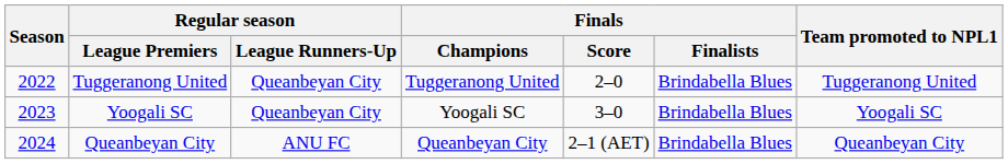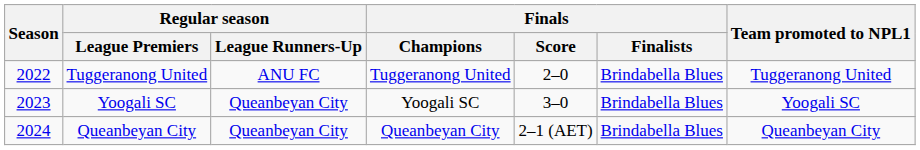 <table class="wikitable" style="text-align:center; font-size:95%">
 <tr>
 <th rowspan=2>Season</th>
 <th colspan=2>Regular season</th>
 <th colspan=3>Finals</th>
 <th rowspan=2>Team promoted to NPL1</th>
 </tr>
 <tr>
 <th>League Premiers</th>
 <th>League Runners-Up</th>
 <th>Champions</th>
 <th>Score</th>
 <th>Finalists</th>
 </tr>
 <tr>
 <td><a href='#'>2022</a></td>
 <td><a href='#'>Tuggeranong United</a></td>
-<td><a href='#'>Queanbeyan City</a></td>
+<td><a href='#'>ANU FC</a></td>
 <td><a href='#'>Tuggeranong United</a></td>
 <td>2–0</td>
 <td><a href='#'>Brindabella Blues</a></td>
 <td><a href='#'>Tuggeranong United</a></td>
 </tr>
 <tr>
 <td><a href='#'>2023</a></td>
 <td><a href='#'>Yoogali SC</a></td>
 <td><a href='#'>Queanbeyan City</a></td>
 <td>Yoogali SC</td>
 <td>3–0</td>
 <td><a href='#'>Brindabella Blues</a></td>
 <td><a href='#'>Yoogali SC</a></td>
 </tr>
 <tr>
 <td><a href='#'>2024</a></td>
 <td><a href='#'>Queanbeyan City</a></td>
-<td><a href='#'>ANU FC</a></td>
+<td><a href='#'>Queanbeyan City</a></td>
 <td><a href='#'>Queanbeyan City</a></td>
 <td>2–1 (AET)</td>
 <td><a href='#'>Brindabella Blues</a></td>
 <td><a href='#'>Queanbeyan City</a></td>
 </tr>
 </table>
